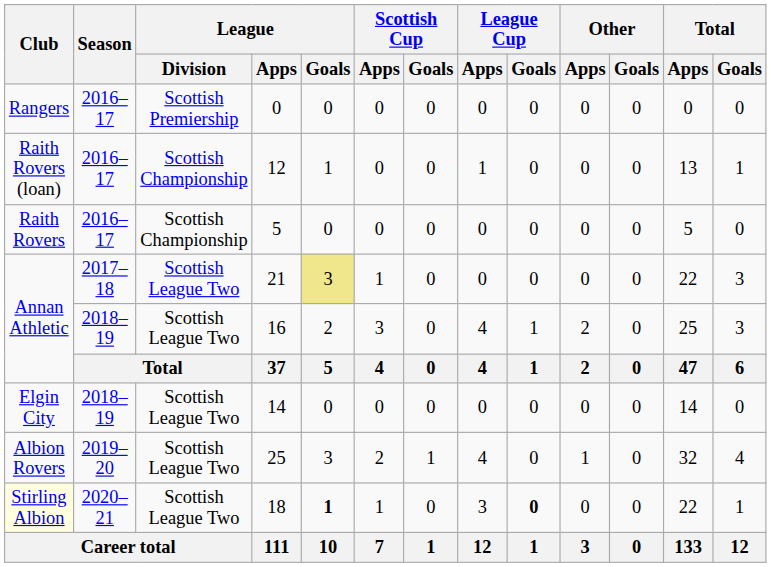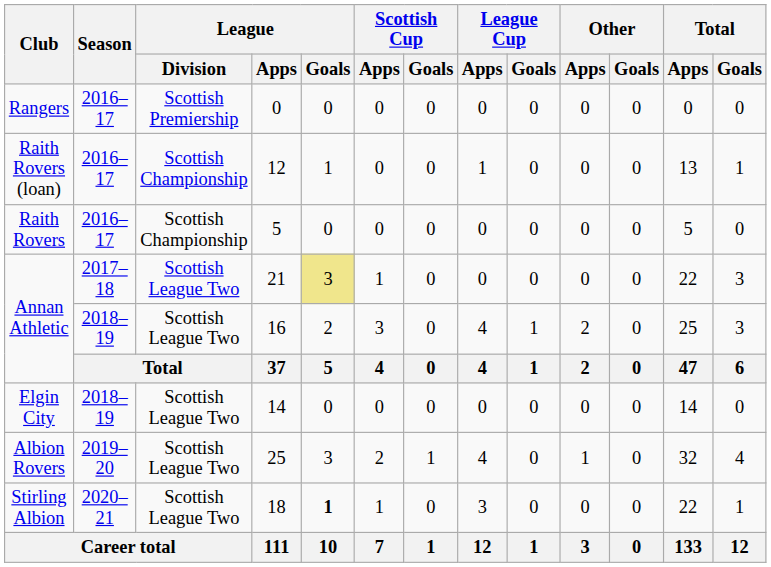 <table class="wikitable" style="text-align: center">
 <tr>
 <th rowspan="2">Club</th>
 <th rowspan="2">Season</th>
 <th colspan="3">League</th>
 <th colspan="2"><a href='#'>Scottish Cup</a></th>
 <th colspan="2"><a href='#'>League Cup</a></th>
 <th colspan="2">Other</th>
 <th colspan="2">Total</th>
 </tr>
 <tr>
 <th>Division</th>
 <th>Apps</th>
 <th>Goals</th>
 <th>Apps</th>
 <th>Goals</th>
 <th>Apps</th>
 <th>Goals</th>
 <th>Apps</th>
 <th>Goals</th>
 <th>Apps</th>
 <th>Goals</th>
 </tr>
 <tr>
 <td><a href='#'>Rangers</a></td>
 <td><a href='#'>2016–17</a></td>
 <td><a href='#'>Scottish Premiership</a></td>
 <td>0</td>
 <td>0</td>
 <td>0</td>
 <td>0</td>
 <td>0</td>
 <td>0</td>
 <td>0</td>
 <td>0</td>
 <td>0</td>
 <td>0</td>
 </tr>
 <tr>
 <td><a href='#'>Raith Rovers</a> (loan)</td>
 <td><a href='#'>2016–17</a></td>
 <td><a href='#'>Scottish Championship</a></td>
 <td>12</td>
 <td>1</td>
 <td>0</td>
 <td>0</td>
 <td>1</td>
 <td>0</td>
 <td>0</td>
 <td>0</td>
 <td>13</td>
 <td>1</td>
 </tr>
 <tr>
 <td><a href='#'>Raith Rovers</a></td>
 <td><a href='#'>2016–17</a></td>
 <td>Scottish Championship</td>
 <td>5</td>
 <td>0</td>
 <td>0</td>
 <td>0</td>
 <td>0</td>
 <td>0</td>
 <td>0</td>
 <td>0</td>
 <td>5</td>
 <td>0</td>
 </tr>
 <tr>
 <td rowspan=3><a href='#'>Annan Athletic</a></td>
 <td><a href='#'>2017–18</a></td>
 <td><a href='#'>Scottish League Two</a></td>
 <td>21</td>
 <td style="background: khaki;">3</td>
 <td>1</td>
 <td>0</td>
 <td>0</td>
 <td>0</td>
 <td>0</td>
 <td>0</td>
 <td>22</td>
 <td>3</td>
 </tr>
 <tr>
 <td><a href='#'>2018–19</a></td>
 <td>Scottish League Two</td>
 <td>16</td>
 <td>2</td>
 <td>3</td>
 <td>0</td>
 <td>4</td>
 <td>1</td>
 <td>2</td>
 <td>0</td>
 <td>25</td>
 <td>3</td>
 </tr>
 <tr>
 <th colspan=2>Total</th>
 <th>37</th>
 <th>5</th>
 <th>4</th>
 <th>0</th>
 <th>4</th>
 <th>1</th>
 <th>2</th>
 <th>0</th>
 <th>47</th>
 <th>6</th>
 </tr>
 <tr>
 <td><a href='#'>Elgin City</a></td>
 <td><a href='#'>2018–19</a></td>
 <td>Scottish League Two</td>
 <td>14</td>
 <td>0</td>
 <td>0</td>
 <td>0</td>
 <td>0</td>
 <td>0</td>
 <td>0</td>
 <td>0</td>
 <td>14</td>
 <td>0</td>
 </tr>
 <tr>
 <td><a href='#'>Albion Rovers</a></td>
 <td><a href='#'>2019–20</a></td>
 <td>Scottish League Two</td>
 <td>25</td>
 <td>3</td>
 <td>2</td>
 <td>1</td>
 <td>4</td>
 <td>0</td>
 <td>1</td>
 <td>0</td>
 <td>32</td>
 <td>4</td>
 </tr>
 <tr>
-<td style="background: lightyellow;"><a href='#'>Stirling Albion</a></td>
+<td><a href='#'>Stirling Albion</a></td>
 <td><a href='#'>2020–21</a></td>
 <td>Scottish League Two</td>
 <td>18</td>
 <td><strong>1</strong></td>
 <td>1</td>
 <td>0</td>
 <td>3</td>
-<td><strong>0</strong></td>
+<td>0</td>
 <td>0</td>
 <td>0</td>
 <td>22</td>
 <td>1</td>
 </tr>
 <tr>
 <th colspan="3">Career total</th>
 <th>111</th>
 <th>10</th>
 <th>7</th>
 <th>1</th>
 <th>12</th>
 <th>1</th>
 <th>3</th>
 <th>0</th>
 <th>133</th>
 <th>12</th>
 </tr>
 </table>
